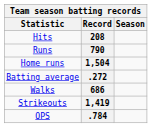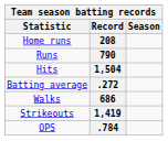 <table class="wikitable sortable" style="text-align:center">
 <tr>
 <th colspan=3>Team season batting records</th>
 </tr>
 <tr>
 <th scope="col">Statistic</th>
 <th scope="col" class="unsortable">Record</th>
 <th scope="col">Season</th>
 </tr>
 <tr>
-<td><a href='#'>Hits</a></td>
+<td><a href='#'>Home runs</a></td>
 <th scope="row">208</th>
 <td></td>
 </tr>
 <tr>
 <td><a href='#'>Runs</a></td>
 <th scope="row">790</th>
 <td></td>
 </tr>
 <tr>
-<td><a href='#'>Home runs</a></td>
+<td><a href='#'>Hits</a></td>
 <th scope="row">1,504</th>
 <td></td>
 </tr>
 <tr>
 <td><a href='#'>Batting average</a></td>
 <th scope="row">.272</th>
 <td></td>
 </tr>
 <tr>
 <td><a href='#'>Walks</a></td>
 <th scope="row">686</th>
 <td></td>
 </tr>
 <tr>
 <td><a href='#'>Strikeouts</a></td>
 <th scope="row">1,419</th>
 <td></td>
 </tr>
 <tr>
 <td><a href='#'>OPS</a></td>
 <th scope="row">.784</th>
 <td></td>
 </tr>
 </table>
